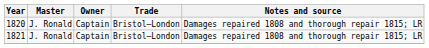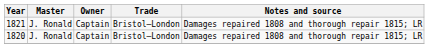 <table class="sortable wikitable">
 <tr>
 <th>Year</th>
 <th>Master</th>
 <th>Owner</th>
 <th>Trade</th>
 <th>Notes and source</th>
 </tr>
 <tr>
-<td>1820</td>
+<td>1821</td>
 <td>J. Ronald</td>
 <td>Captain</td>
 <td>Bristol–London</td>
 <td>Damages repaired 1808 and thorough repair 1815; LR</td>
 </tr>
 <tr>
-<td>1821</td>
+<td>1820</td>
 <td>J. Ronald</td>
 <td>Captain</td>
 <td>Bristol–London</td>
 <td>Damages repaired 1808 and thorough repair 1815; LR</td>
 </tr>
 <tr>
 </tr>
 </table>
